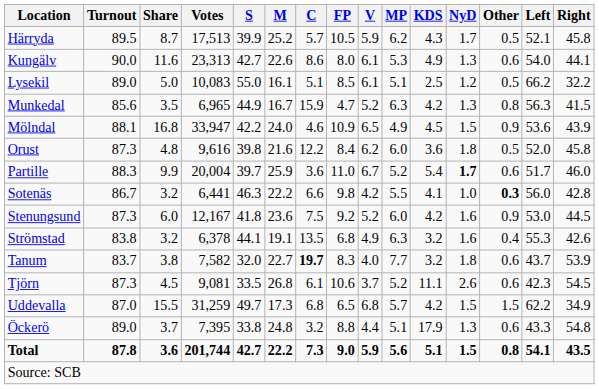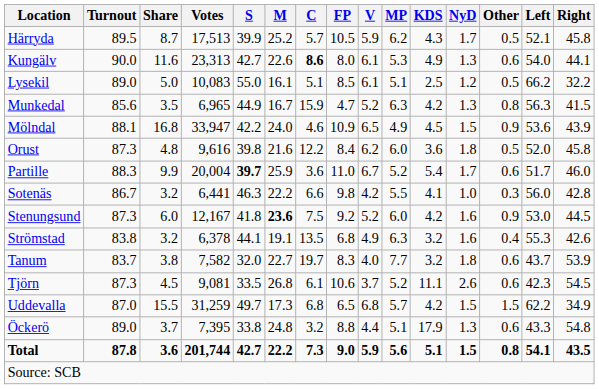 <table class="wikitable sortable" style=text-align:right>
 <tr>
 <th>Location</th>
 <th>Turnout</th>
 <th>Share</th>
 <th>Votes</th>
 <th><a href='#'>S</a></th>
 <th><a href='#'>M</a></th>
 <th><a href='#'>C</a></th>
 <th><a href='#'>FP</a></th>
 <th><a href='#'>V</a></th>
 <th><a href='#'>MP</a></th>
 <th><a href='#'>KDS</a></th>
 <th><a href='#'>NyD</a></th>
 <th>Other</th>
 <th>Left</th>
 <th>Right</th>
 </tr>
 <tr>
 <td align=left><a href='#'>Härryda</a></td>
 <td>89.5</td>
 <td>8.7</td>
 <td>17,513</td>
 <td>39.9</td>
 <td>25.2</td>
 <td>5.7</td>
 <td>10.5</td>
 <td>5.9</td>
 <td>6.2</td>
 <td>4.3</td>
 <td>1.7</td>
 <td>0.5</td>
 <td>52.1</td>
 <td>45.8</td>
 </tr>
 <tr>
 <td align=left><a href='#'>Kungälv</a></td>
 <td>90.0</td>
 <td>11.6</td>
 <td>23,313</td>
 <td>42.7</td>
 <td>22.6</td>
-<td>8.6</td>
+<td><strong>8.6</strong></td>
 <td>8.0</td>
 <td>6.1</td>
 <td>5.3</td>
 <td>4.9</td>
 <td>1.3</td>
 <td>0.6</td>
 <td>54.0</td>
 <td>44.1</td>
 </tr>
 <tr>
 <td align=left><a href='#'>Lysekil</a></td>
 <td>89.0</td>
 <td>5.0</td>
 <td>10,083</td>
 <td>55.0</td>
 <td>16.1</td>
 <td>5.1</td>
 <td>8.5</td>
 <td>6.1</td>
 <td>5.1</td>
 <td>2.5</td>
 <td>1.2</td>
 <td>0.5</td>
 <td>66.2</td>
 <td>32.2</td>
 </tr>
 <tr>
 <td align=left><a href='#'>Munkedal</a></td>
 <td>85.6</td>
 <td>3.5</td>
 <td>6,965</td>
 <td>44.9</td>
 <td>16.7</td>
 <td>15.9</td>
 <td>4.7</td>
 <td>5.2</td>
 <td>6.3</td>
 <td>4.2</td>
 <td>1.3</td>
 <td>0.8</td>
 <td>56.3</td>
 <td>41.5</td>
 </tr>
 <tr>
 <td align=left><a href='#'>Mölndal</a></td>
 <td>88.1</td>
 <td>16.8</td>
 <td>33,947</td>
 <td>42.2</td>
 <td>24.0</td>
 <td>4.6</td>
 <td>10.9</td>
 <td>6.5</td>
 <td>4.9</td>
 <td>4.5</td>
 <td>1.5</td>
 <td>0.9</td>
 <td>53.6</td>
 <td>43.9</td>
 </tr>
 <tr>
 <td align=left><a href='#'>Orust</a></td>
 <td>87.3</td>
 <td>4.8</td>
 <td>9,616</td>
 <td>39.8</td>
 <td>21.6</td>
 <td>12.2</td>
 <td>8.4</td>
 <td>6.2</td>
 <td>6.0</td>
 <td>3.6</td>
 <td>1.8</td>
 <td>0.5</td>
 <td>52.0</td>
 <td>45.8</td>
 </tr>
 <tr>
 <td align=left><a href='#'>Partille</a></td>
 <td>88.3</td>
 <td>9.9</td>
 <td>20,004</td>
-<td>39.7</td>
+<td><strong>39.7</strong></td>
 <td>25.9</td>
 <td>3.6</td>
 <td>11.0</td>
 <td>6.7</td>
 <td>5.2</td>
 <td>5.4</td>
-<td><strong>1.7</strong></td>
+<td>1.7</td>
 <td>0.6</td>
 <td>51.7</td>
 <td>46.0</td>
 </tr>
 <tr>
 <td align=left><a href='#'>Sotenäs</a></td>
 <td>86.7</td>
 <td>3.2</td>
 <td>6,441</td>
 <td>46.3</td>
 <td>22.2</td>
 <td>6.6</td>
 <td>9.8</td>
 <td>4.2</td>
 <td>5.5</td>
 <td>4.1</td>
 <td>1.0</td>
-<td><strong>0.3</strong></td>
+<td>0.3</td>
 <td>56.0</td>
 <td>42.8</td>
 </tr>
 <tr>
 <td align=left><a href='#'>Stenungsund</a></td>
 <td>87.3</td>
 <td>6.0</td>
 <td>12,167</td>
 <td>41.8</td>
-<td>23.6</td>
+<td><strong>23.6</strong></td>
 <td>7.5</td>
 <td>9.2</td>
 <td>5.2</td>
 <td>6.0</td>
 <td>4.2</td>
 <td>1.6</td>
 <td>0.9</td>
 <td>53.0</td>
 <td>44.5</td>
 </tr>
 <tr>
 <td align=left><a href='#'>Strömstad</a></td>
 <td>83.8</td>
 <td>3.2</td>
 <td>6,378</td>
 <td>44.1</td>
 <td>19.1</td>
 <td>13.5</td>
 <td>6.8</td>
 <td>4.9</td>
 <td>6.3</td>
 <td>3.2</td>
 <td>1.6</td>
 <td>0.4</td>
 <td>55.3</td>
 <td>42.6</td>
 </tr>
 <tr>
 <td align=left><a href='#'>Tanum</a></td>
 <td>83.7</td>
 <td>3.8</td>
 <td>7,582</td>
 <td>32.0</td>
 <td>22.7</td>
-<td><strong>19.7</strong></td>
+<td>19.7</td>
 <td>8.3</td>
 <td>4.0</td>
 <td>7.7</td>
 <td>3.2</td>
 <td>1.8</td>
 <td>0.6</td>
 <td>43.7</td>
 <td>53.9</td>
 </tr>
 <tr>
 <td align=left><a href='#'>Tjörn</a></td>
 <td>87.3</td>
 <td>4.5</td>
 <td>9,081</td>
 <td>33.5</td>
 <td>26.8</td>
 <td>6.1</td>
 <td>10.6</td>
 <td>3.7</td>
 <td>5.2</td>
 <td>11.1</td>
 <td>2.6</td>
 <td>0.6</td>
 <td>42.3</td>
 <td>54.5</td>
 </tr>
 <tr>
 <td align=left><a href='#'>Uddevalla</a></td>
 <td>87.0</td>
 <td>15.5</td>
 <td>31,259</td>
 <td>49.7</td>
 <td>17.3</td>
 <td>6.8</td>
 <td>6.5</td>
 <td>6.8</td>
 <td>5.7</td>
 <td>4.2</td>
 <td>1.5</td>
 <td>1.5</td>
 <td>62.2</td>
 <td>34.9</td>
 </tr>
 <tr>
 <td align=left><a href='#'>Öckerö</a></td>
 <td>89.0</td>
 <td>3.7</td>
 <td>7,395</td>
 <td>33.8</td>
 <td>24.8</td>
 <td>3.2</td>
 <td>8.8</td>
 <td>4.4</td>
 <td>5.1</td>
 <td>17.9</td>
 <td>1.3</td>
 <td>0.6</td>
 <td>43.3</td>
 <td>54.8</td>
 </tr>
 <tr>
 <td align=left><strong>Total</strong></td>
 <td><strong>87.8</strong></td>
 <td><strong>3.6</strong></td>
 <td><strong>201,744</strong></td>
 <td><strong>42.7</strong></td>
 <td><strong>22.2</strong></td>
 <td><strong>7.3</strong></td>
 <td><strong>9.0</strong></td>
 <td><strong>5.9</strong></td>
 <td><strong>5.6</strong></td>
 <td><strong>5.1</strong></td>
 <td><strong>1.5</strong></td>
 <td><strong>0.8</strong></td>
 <td><strong>54.1</strong></td>
 <td><strong>43.5</strong></td>
 </tr>
 <tr>
 <td align=left colspan=15>Source: SCB </td>
 </tr>
 </table>
